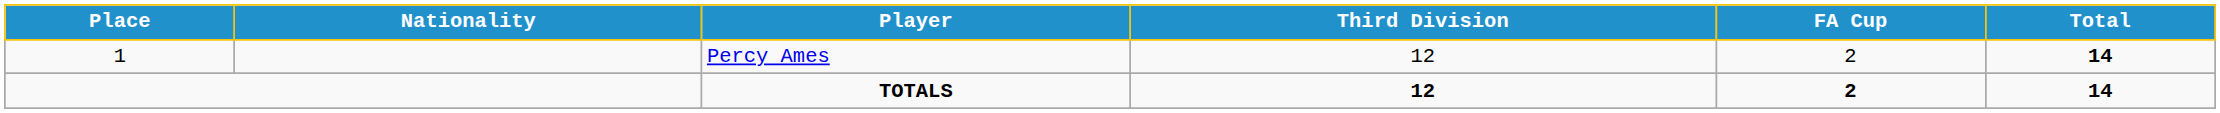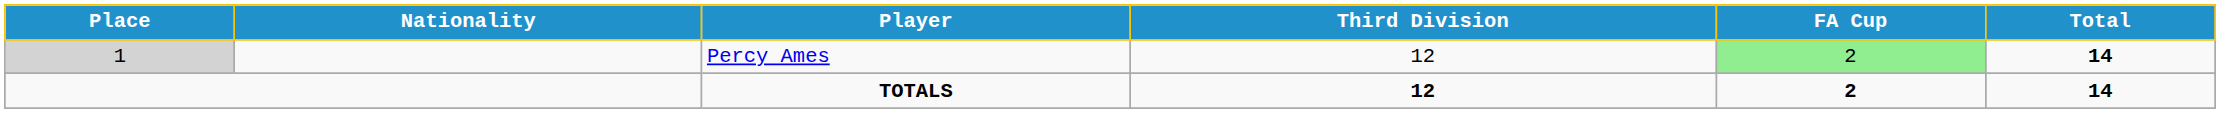 <table class="wikitable" style="text-align:center; font-size:90%; width:100%;">
 <tr>
 <th style="background:#2191CC; color:white; border:1px solid #F7C408; text-align:center;">Place</th>
 <th style="background:#2191CC; color:white; border:1px solid #F7C408; text-align:center;">Nationality</th>
 <th style="background:#2191CC; color:white; border:1px solid #F7C408; text-align:center;">Player</th>
 <th style="background:#2191CC; color:white; border:1px solid #F7C408; text-align:center;">Third Division</th>
 <th style="background:#2191CC; color:white; border:1px solid #F7C408; text-align:center;">FA Cup</th>
 <th style="background:#2191CC; color:white; border:1px solid #F7C408; text-align:center;">Total</th>
 </tr>
 <tr>
-<td>1</td>
+<td style="background: lightgrey;">1</td>
 <td></td>
 <td align="left"><a href='#'>Percy Ames</a></td>
 <td>12</td>
-<td>2</td>
+<td style="background: lightgreen;">2</td>
 <td><strong>14</strong></td>
 </tr>
 <tr>
 <td colspan="2"></td>
 <td><strong>TOTALS</strong></td>
 <td><strong>12</strong></td>
 <td><strong>2</strong></td>
 <td><strong>14</strong></td>
 </tr>
 </table>
